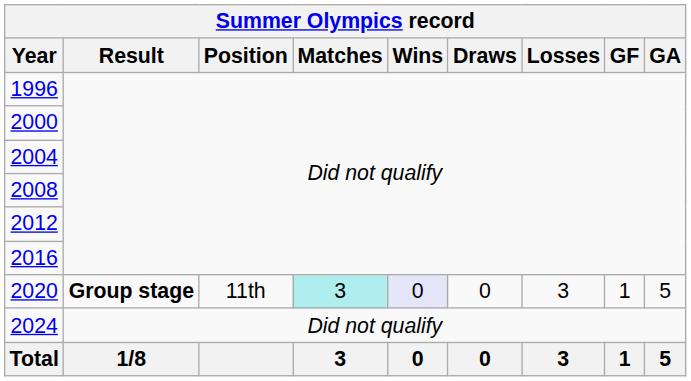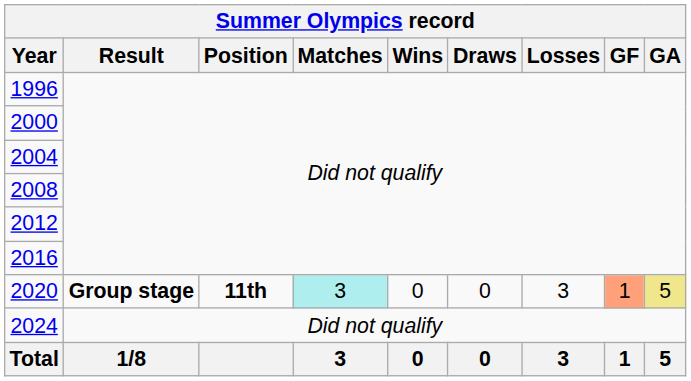 <table class="wikitable" style="text-align: center;">
 <tr>
 <th colspan=9><a href='#'>Summer Olympics</a> record</th>
 </tr>
 <tr>
 <th>Year</th>
 <th>Result</th>
 <th>Position</th>
 <th>Matches</th>
 <th>Wins</th>
 <th>Draws</th>
 <th>Losses</th>
 <th>GF</th>
 <th>GA</th>
 </tr>
 <tr>
 <td> <a href='#'>1996</a></td>
 <td rowspan=6 colspan=8><em>Did not qualify</em></td>
 </tr>
 <tr>
 <td> <a href='#'>2000</a></td>
 </tr>
 <tr>
 <td> <a href='#'>2004</a></td>
 </tr>
 <tr>
 <td> <a href='#'>2008</a></td>
 </tr>
 <tr>
 <td> <a href='#'>2012</a></td>
 </tr>
 <tr>
 <td> <a href='#'>2016</a></td>
 </tr>
 <tr>
 <td> <a href='#'>2020</a></td>
 <td><strong>Group stage</strong></td>
-<td>11th</td>
+<td><strong>11th</strong></td>
 <td style="background: paleturquoise;">3</td>
-<td style="background: lavender;">0</td>
+<td>0</td>
 <td>0</td>
 <td>3</td>
-<td>1</td>
-<td>5</td>
+<td style="background: lightsalmon;">1</td>
+<td style="background: khaki;">5</td>
 </tr>
 <tr>
 <td> <a href='#'>2024</a></td>
 <td rowspan=1 colspan=8><em>Did not qualify</em></td>
 </tr>
 <tr>
 <th><strong>Total</strong></th>
 <th>1/8</th>
 <th></th>
 <th>3</th>
 <th>0</th>
 <th>0</th>
 <th>3</th>
 <th>1</th>
 <th>5</th>
 </tr>
 </table>
